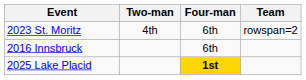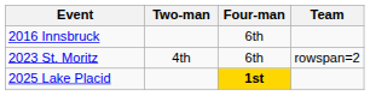 <table class="wikitable" style="text-align:center">
 <tr>
 <th style="width:160px">Event</th>
 <th style="width:80px">Two-man</th>
 <th style="width:80px">Four-man</th>
 <th style="width:80px">Team</th>
 </tr>
 <tr>
+<td style="text-align:left"> <a href='#'>2016 Innsbruck</a></td>
+<td></td>
+<td>6th</td>
+<td></td>
+</tr>
+<tr>
 <td style="text-align:left"> <a href='#'>2023 St. Moritz</a></td>
 <td>4th</td>
 <td>6th</td>
 <td>rowspan=2 </td>
-</tr>
-<tr>
-<td style="text-align:left"> <a href='#'>2016 Innsbruck</a></td>
-<td></td>
-<td>6th</td>
-<td></td>
 </tr>
 <tr>
 <td style="text-align:left"> <a href='#'>2025 Lake Placid</a></td>
 <td></td>
 <td style="background:gold"><strong>1st</strong></td>
 </tr>
 </table>
